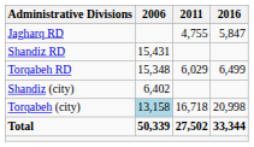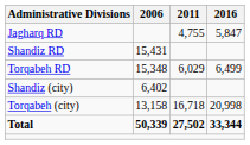 <table class="wikitable">
 <tr>
 <th>Administrative Divisions</th>
 <th>2006</th>
 <th>2011</th>
 <th>2016</th>
 </tr>
 <tr>
 <td><a href='#'>Jagharq RD</a></td>
 <td style="text-align: right;"></td>
 <td style="text-align: right;">4,755</td>
 <td style="text-align: right;">5,847</td>
 </tr>
 <tr>
 <td><a href='#'>Shandiz RD</a></td>
 <td style="text-align: right;">15,431</td>
 <td style="text-align: right;"></td>
 <td style="text-align: right;"></td>
 </tr>
 <tr>
 <td><a href='#'>Torqabeh RD</a></td>
 <td style="text-align: right;">15,348</td>
 <td style="text-align: right;">6,029</td>
 <td style="text-align: right;">6,499</td>
 </tr>
 <tr>
 <td><a href='#'>Shandiz</a> (city)</td>
 <td style="text-align: right;">6,402</td>
 <td style="text-align: right;"></td>
 <td style="text-align: right;"></td>
 </tr>
 <tr>
 <td><a href='#'>Torqabeh</a> (city)</td>
-<td style="background: lightblue; text-align: right;">13,158</td>
+<td style="text-align: right;">13,158</td>
 <td style="text-align: right;">16,718</td>
 <td style="text-align: right;">20,998</td>
 </tr>
 <tr>
 <td><strong>Total</strong></td>
 <td style="text-align: right;"><strong>50,339</strong></td>
 <td style="text-align: right;"><strong>27,502</strong></td>
 <td style="text-align: right;"><strong>33,344</strong></td>
 </tr>
 <tr>
 <td colspan=4></td>
 </tr>
 </table>
